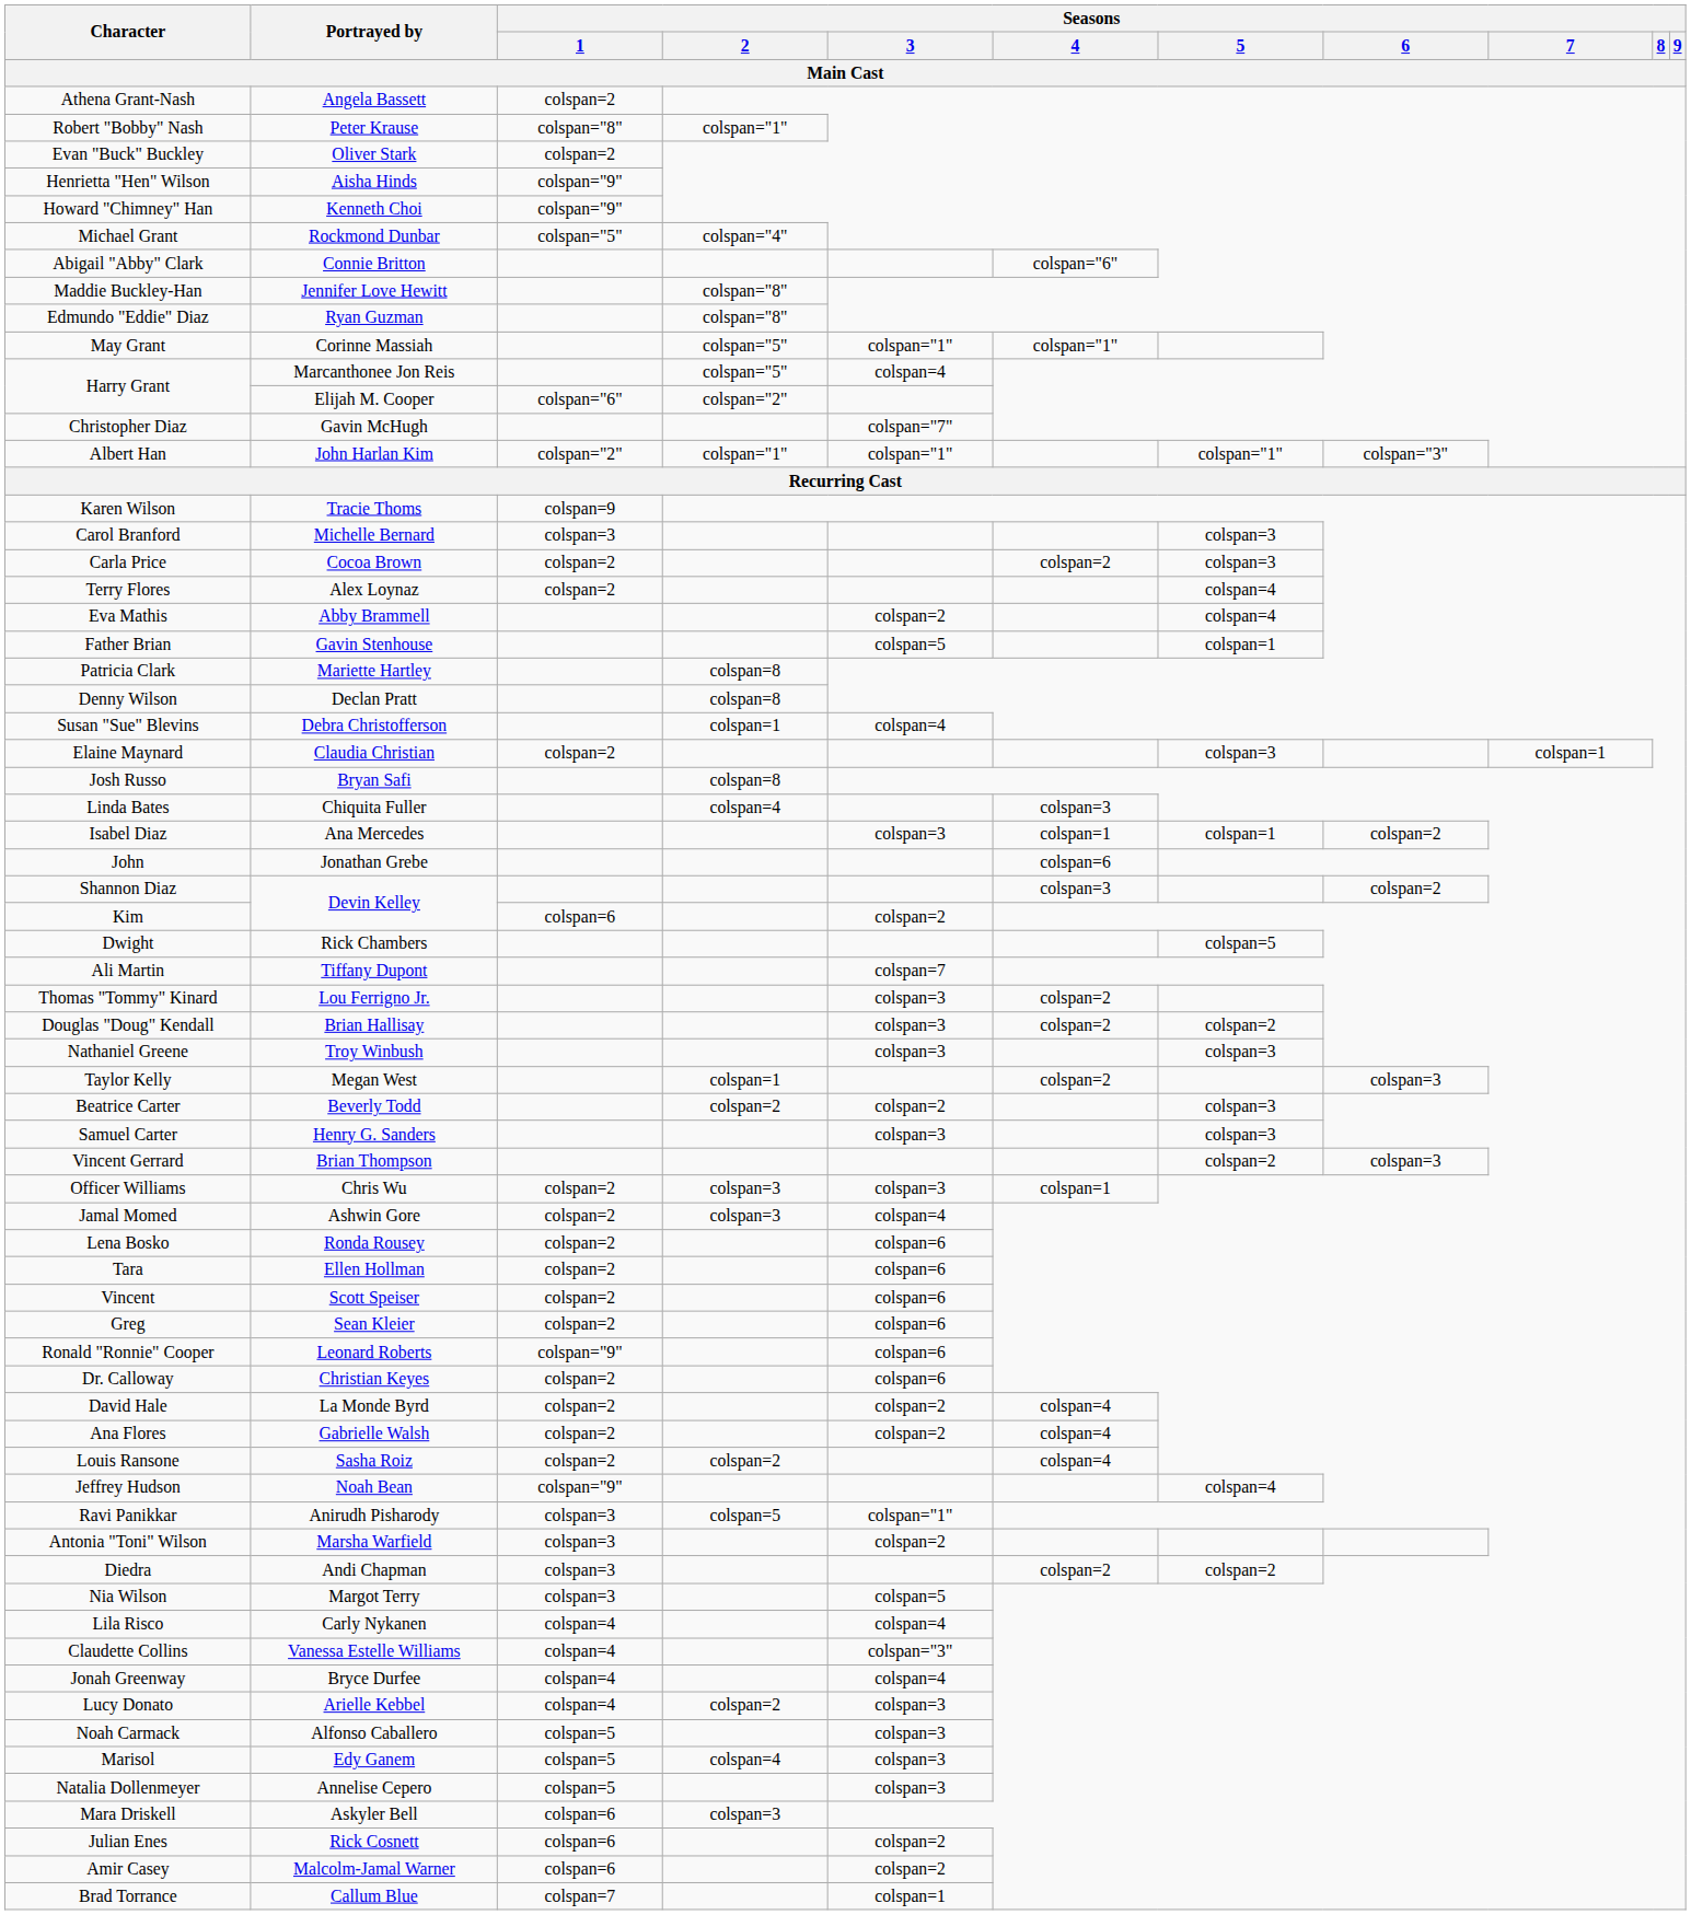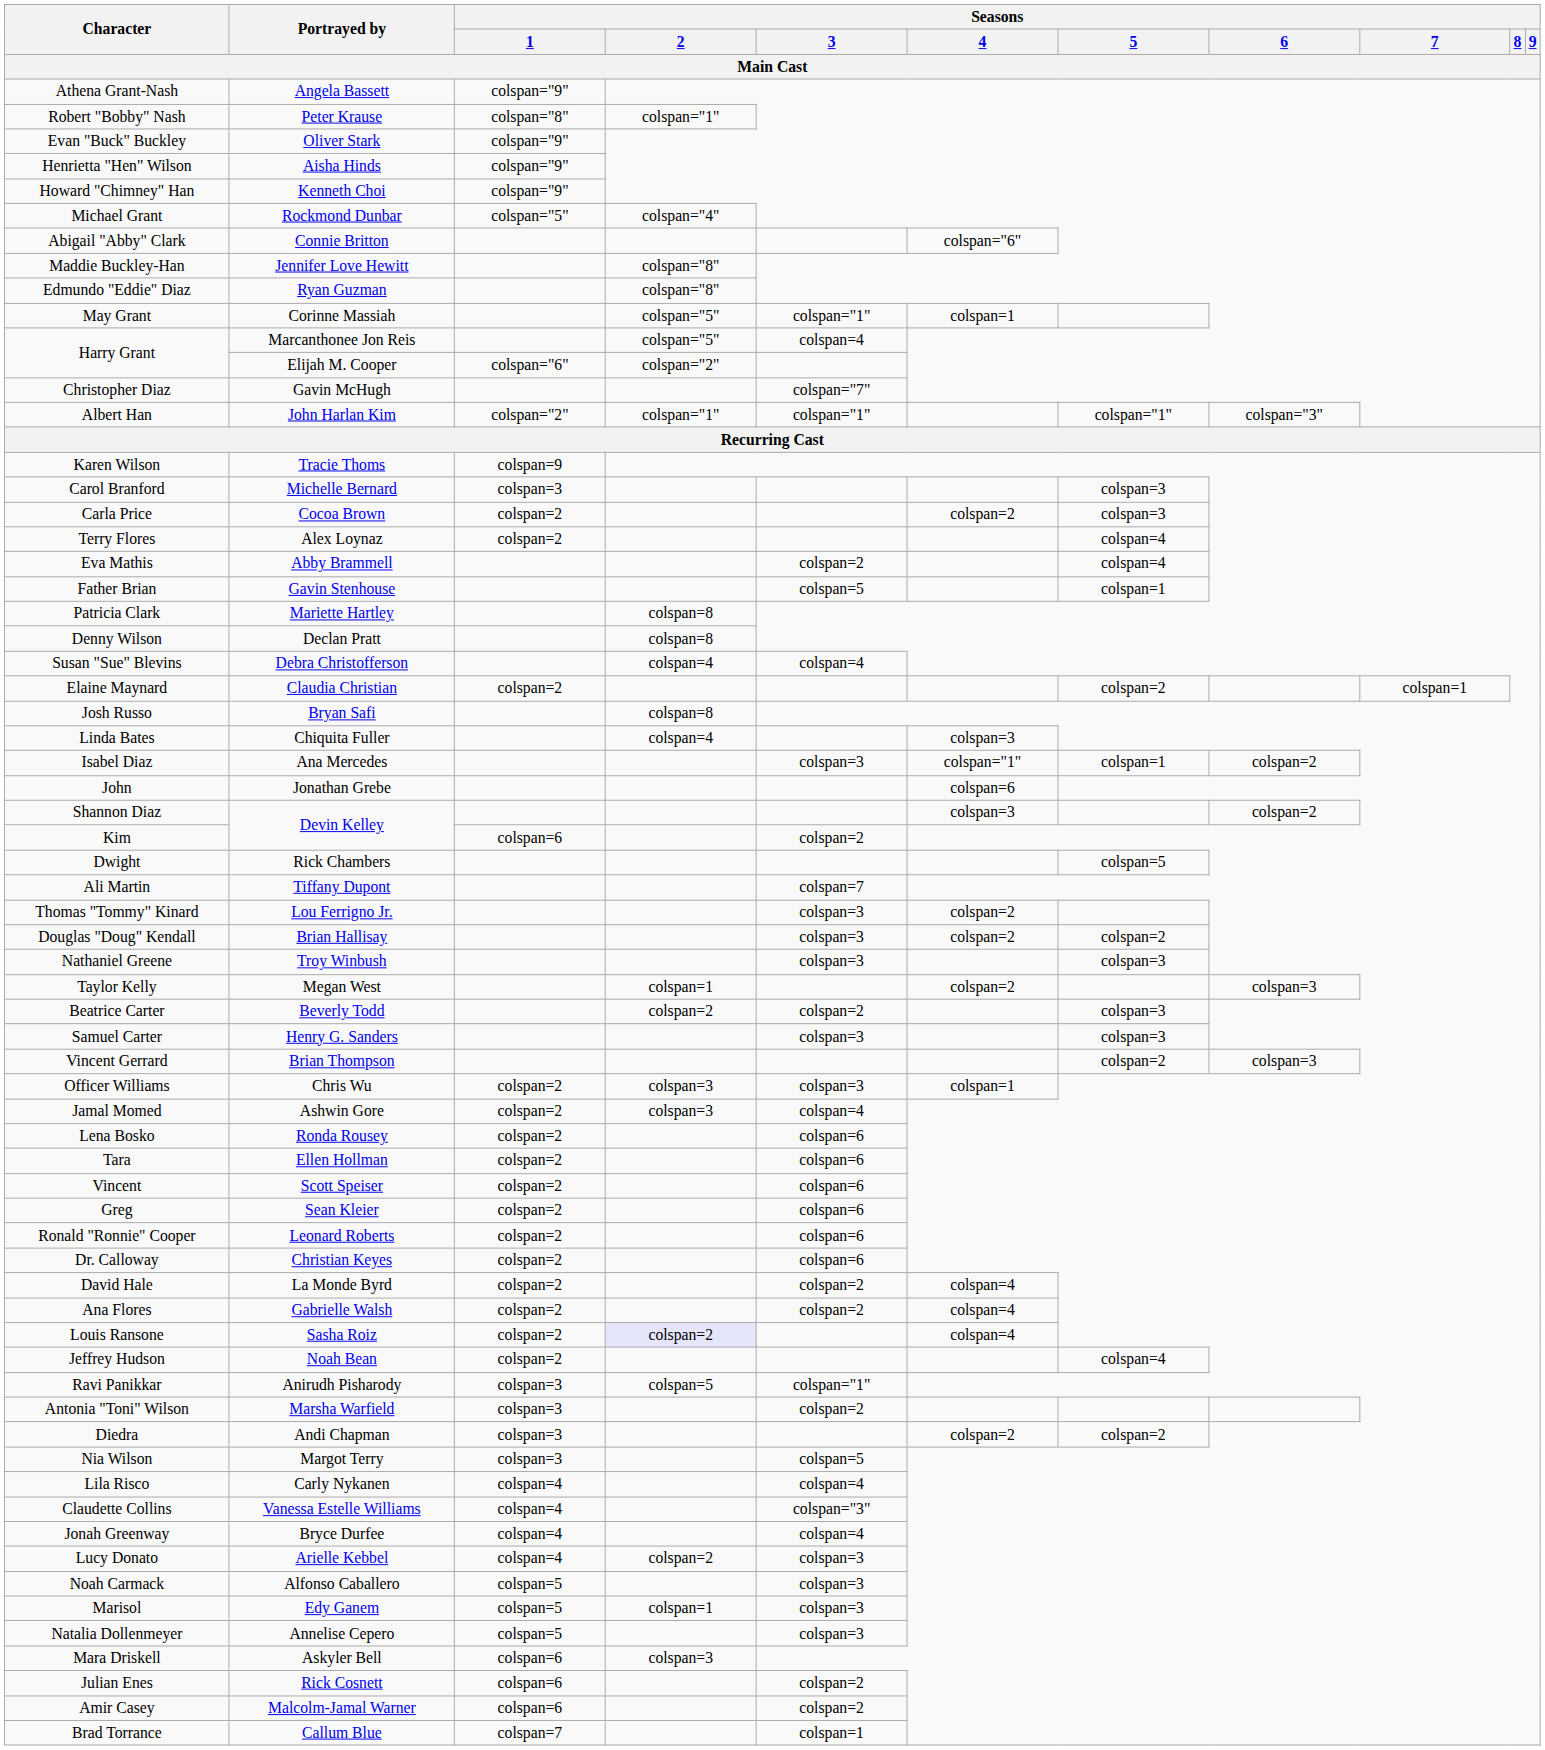 <table class="wikitable plainrowheaders" style="text-align:center">
 <tr>
 <th scope="col" rowspan="2" style="width:15%;">Character</th>
 <th scope="col" rowspan="2" style="width:15%;">Portrayed by</th>
 <th scope="col" colspan="9">Seasons</th>
 </tr>
 <tr>
 <th scope="col" style="width:10%;"><a href='#'>1</a></th>
 <th scope="col" style="width:10%;"><a href='#'>2</a></th>
 <th scope="col" style="width:10%;"><a href='#'>3</a></th>
 <th scope="col" style="width:10%;"><a href='#'>4</a></th>
 <th scope="col" style="width:10%;"><a href='#'>5</a></th>
 <th scope="col" style="width:10%;"><a href='#'>6</a></th>
 <th scope="col" style="width:10%;"><a href='#'>7</a></th>
 <th scope="col" style="width:10%;"><a href='#'>8</a></th>
 <th scope="col" style="width:10%;"><a href='#'>9</a></th>
 </tr>
 <tr>
 <th colspan="11">Main Cast</th>
 </tr>
 <tr>
 <td>Athena Grant-Nash</td>
 <td><a href='#'>Angela Bassett</a></td>
-<td>colspan=2 </td>
+<td>colspan="9" </td>
 </tr>
 <tr>
 <td>Robert "Bobby" Nash</td>
 <td><a href='#'>Peter Krause</a></td>
 <td>colspan="8" </td>
 <td>colspan="1" </td>
 </tr>
 <tr>
 <td>Evan "Buck" Buckley</td>
 <td><a href='#'>Oliver Stark</a></td>
-<td>colspan=2 </td>
+<td>colspan="9" </td>
 </tr>
 <tr>
 <td>Henrietta "Hen" Wilson</td>
 <td><a href='#'>Aisha Hinds</a></td>
 <td>colspan="9" </td>
 </tr>
 <tr>
 <td>Howard "Chimney" Han</td>
 <td><a href='#'>Kenneth Choi</a></td>
 <td>colspan="9" </td>
 </tr>
 <tr>
 <td>Michael Grant</td>
 <td><a href='#'>Rockmond Dunbar</a></td>
 <td>colspan="5" </td>
 <td>colspan="4" </td>
 </tr>
 <tr>
 <td>Abigail "Abby" Clark</td>
 <td><a href='#'>Connie Britton</a></td>
 <td></td>
 <td></td>
 <td></td>
 <td>colspan="6" </td>
 </tr>
 <tr>
 <td>Maddie Buckley-Han</td>
 <td><a href='#'>Jennifer Love Hewitt</a></td>
 <td></td>
 <td>colspan="8" </td>
 </tr>
 <tr>
 <td>Edmundo "Eddie" Diaz</td>
 <td><a href='#'>Ryan Guzman</a></td>
 <td></td>
 <td>colspan="8" </td>
 </tr>
 <tr>
 <td>May Grant</td>
 <td>Corinne Massiah</td>
 <td></td>
 <td>colspan="5" </td>
 <td>colspan="1" </td>
-<td>colspan="1" </td>
+<td>colspan=1 </td>
 <td></td>
 </tr>
 <tr>
 <td rowspan="2">Harry Grant</td>
 <td>Marcanthonee Jon Reis</td>
 <td></td>
 <td>colspan="5" </td>
 <td>colspan=4 </td>
 </tr>
 <tr>
 <td>Elijah M. Cooper</td>
 <td>colspan="6" </td>
 <td>colspan="2" </td>
 <td></td>
 </tr>
 <tr>
 <td>Christopher Diaz</td>
 <td>Gavin McHugh</td>
 <td></td>
 <td></td>
 <td>colspan="7" </td>
 </tr>
 <tr>
 <td>Albert Han</td>
 <td><a href='#'>John Harlan Kim</a></td>
 <td>colspan="2" </td>
 <td>colspan="1" </td>
 <td>colspan="1" </td>
 <td></td>
 <td>colspan="1" </td>
 <td>colspan="3" </td>
 </tr>
 <tr>
 <th colspan="11">Recurring Cast</th>
 </tr>
 <tr>
 <td>Karen Wilson</td>
 <td><a href='#'>Tracie Thoms</a></td>
 <td>colspan=9 </td>
 </tr>
 <tr>
 <td>Carol Branford</td>
 <td><a href='#'>Michelle Bernard</a></td>
 <td>colspan=3 </td>
 <td></td>
 <td></td>
 <td></td>
 <td>colspan=3 </td>
 </tr>
 <tr>
 <td>Carla Price</td>
 <td><a href='#'>Cocoa Brown</a></td>
 <td>colspan=2 </td>
 <td></td>
 <td></td>
 <td>colspan=2 </td>
 <td>colspan=3 </td>
 </tr>
 <tr>
 <td>Terry Flores</td>
 <td>Alex Loynaz</td>
 <td>colspan=2 </td>
 <td></td>
 <td></td>
 <td></td>
 <td>colspan=4 </td>
 </tr>
 <tr>
 <td>Eva Mathis</td>
 <td><a href='#'>Abby Brammell</a></td>
 <td></td>
 <td></td>
 <td>colspan=2 </td>
 <td></td>
 <td>colspan=4 </td>
 </tr>
 <tr>
 <td>Father Brian</td>
 <td><a href='#'>Gavin Stenhouse</a></td>
 <td></td>
 <td></td>
 <td>colspan=5 </td>
 <td></td>
 <td>colspan=1 </td>
 </tr>
 <tr>
 <td>Patricia Clark</td>
 <td><a href='#'>Mariette Hartley</a></td>
 <td></td>
 <td>colspan=8 </td>
 </tr>
 <tr>
 <td>Denny Wilson</td>
 <td>Declan Pratt</td>
 <td></td>
 <td>colspan=8 </td>
 </tr>
 <tr>
 <td>Susan "Sue" Blevins</td>
 <td><a href='#'>Debra Christofferson</a></td>
 <td></td>
-<td>colspan=1 </td>
+<td>colspan=4 </td>
 <td>colspan=4 </td>
 </tr>
 <tr>
 <td>Elaine Maynard</td>
 <td><a href='#'>Claudia Christian</a></td>
 <td>colspan=2 </td>
 <td></td>
 <td></td>
 <td></td>
-<td>colspan=3 </td>
+<td>colspan=2 </td>
 <td></td>
 <td>colspan=1 </td>
 </tr>
 <tr>
 <td>Josh Russo</td>
 <td><a href='#'>Bryan Safi</a></td>
 <td></td>
 <td>colspan=8 </td>
 </tr>
 <tr>
 <td>Linda Bates</td>
 <td>Chiquita Fuller</td>
 <td></td>
 <td>colspan=4 </td>
 <td></td>
 <td>colspan=3 </td>
 </tr>
 <tr>
 <td>Isabel Diaz</td>
 <td>Ana Mercedes</td>
 <td></td>
 <td></td>
 <td>colspan=3 </td>
-<td>colspan=1 </td>
+<td>colspan="1" </td>
 <td>colspan=1 </td>
 <td>colspan=2 </td>
 </tr>
 <tr>
 <td>John</td>
 <td>Jonathan Grebe</td>
 <td></td>
 <td></td>
 <td></td>
 <td>colspan=6 </td>
 </tr>
 <tr>
 <td>Shannon Diaz</td>
 <td rowspan=2><a href='#'>Devin Kelley</a></td>
 <td></td>
 <td></td>
 <td></td>
 <td>colspan=3 </td>
 <td></td>
 <td>colspan=2 </td>
 </tr>
 <tr>
 <td>Kim</td>
 <td>colspan=6 </td>
 <td></td>
 <td>colspan=2 </td>
 </tr>
 <tr>
 <td>Dwight</td>
 <td>Rick Chambers</td>
 <td></td>
 <td></td>
 <td></td>
 <td></td>
 <td>colspan=5 </td>
 </tr>
 <tr>
 <td>Ali Martin</td>
 <td><a href='#'>Tiffany Dupont</a></td>
 <td></td>
 <td></td>
 <td>colspan=7 </td>
 </tr>
 <tr>
 <td>Thomas "Tommy" Kinard</td>
 <td><a href='#'>Lou Ferrigno Jr.</a></td>
 <td></td>
 <td></td>
 <td>colspan=3 </td>
 <td>colspan=2 </td>
 <td></td>
 </tr>
 <tr>
 <td>Douglas "Doug" Kendall</td>
 <td><a href='#'>Brian Hallisay</a></td>
 <td></td>
 <td></td>
 <td>colspan=3 </td>
 <td>colspan=2 </td>
 <td>colspan=2 </td>
 </tr>
 <tr>
 <td>Nathaniel Greene</td>
 <td><a href='#'>Troy Winbush</a></td>
 <td></td>
 <td></td>
 <td>colspan=3 </td>
 <td></td>
 <td>colspan=3 </td>
 </tr>
 <tr>
 <td>Taylor Kelly</td>
 <td>Megan West</td>
 <td></td>
 <td>colspan=1 </td>
 <td></td>
 <td>colspan=2 </td>
 <td></td>
 <td>colspan=3 </td>
 </tr>
 <tr>
 <td>Beatrice Carter</td>
 <td><a href='#'>Beverly Todd</a></td>
 <td></td>
 <td>colspan=2 </td>
 <td>colspan=2 </td>
 <td></td>
 <td>colspan=3 </td>
 </tr>
 <tr>
 <td>Samuel Carter</td>
 <td><a href='#'>Henry G. Sanders</a></td>
 <td></td>
 <td></td>
 <td>colspan=3 </td>
 <td></td>
 <td>colspan=3 </td>
 </tr>
 <tr>
 <td>Vincent Gerrard</td>
 <td><a href='#'>Brian Thompson</a></td>
 <td></td>
 <td></td>
 <td></td>
 <td></td>
 <td>colspan=2 </td>
 <td>colspan=3 </td>
 </tr>
 <tr>
 <td>Officer Williams</td>
 <td>Chris Wu</td>
 <td>colspan=2 </td>
 <td>colspan=3 </td>
 <td>colspan=3 </td>
 <td>colspan=1 </td>
 </tr>
 <tr>
 <td>Jamal Momed</td>
 <td>Ashwin Gore</td>
 <td>colspan=2 </td>
 <td>colspan=3 </td>
 <td>colspan=4 </td>
 </tr>
 <tr>
 <td>Lena Bosko</td>
 <td><a href='#'>Ronda Rousey</a></td>
 <td>colspan=2 </td>
 <td></td>
 <td>colspan=6 </td>
 </tr>
 <tr>
 <td>Tara</td>
 <td><a href='#'>Ellen Hollman</a></td>
 <td>colspan=2 </td>
 <td></td>
 <td>colspan=6 </td>
 </tr>
 <tr>
 <td>Vincent</td>
 <td><a href='#'>Scott Speiser</a></td>
 <td>colspan=2 </td>
 <td></td>
 <td>colspan=6 </td>
 </tr>
 <tr>
 <td>Greg</td>
 <td><a href='#'>Sean Kleier</a></td>
 <td>colspan=2 </td>
 <td></td>
 <td>colspan=6 </td>
 </tr>
 <tr>
 <td>Ronald "Ronnie" Cooper</td>
 <td><a href='#'>Leonard Roberts</a></td>
-<td>colspan="9" </td>
+<td>colspan=2 </td>
 <td></td>
 <td>colspan=6 </td>
 </tr>
 <tr>
 <td>Dr. Calloway</td>
 <td><a href='#'>Christian Keyes</a></td>
 <td>colspan=2 </td>
 <td></td>
 <td>colspan=6 </td>
 </tr>
 <tr>
 <td>David Hale</td>
 <td>La Monde Byrd</td>
 <td>colspan=2 </td>
 <td></td>
 <td>colspan=2 </td>
 <td>colspan=4 </td>
 </tr>
 <tr>
 <td>Ana Flores</td>
 <td><a href='#'>Gabrielle Walsh</a></td>
 <td>colspan=2 </td>
 <td></td>
 <td>colspan=2 </td>
 <td>colspan=4 </td>
 </tr>
 <tr>
 <td>Louis Ransone</td>
 <td><a href='#'>Sasha Roiz</a></td>
 <td>colspan=2 </td>
-<td>colspan=2 </td>
+<td style="background: lavender;">colspan=2 </td>
 <td></td>
 <td>colspan=4 </td>
 </tr>
 <tr>
 <td>Jeffrey Hudson</td>
 <td><a href='#'>Noah Bean</a></td>
-<td>colspan="9" </td>
+<td>colspan=2 </td>
 <td></td>
 <td></td>
 <td></td>
 <td>colspan=4 </td>
 </tr>
 <tr>
 <td>Ravi Panikkar</td>
 <td>Anirudh Pisharody</td>
 <td>colspan=3 </td>
 <td>colspan=5 </td>
 <td>colspan="1" </td>
 </tr>
 <tr>
 <td>Antonia "Toni" Wilson</td>
 <td><a href='#'>Marsha Warfield</a></td>
 <td>colspan=3 </td>
 <td></td>
 <td>colspan=2 </td>
 <td></td>
 <td></td>
 <td></td>
 </tr>
 <tr>
 <td>Diedra</td>
 <td>Andi Chapman</td>
 <td>colspan=3 </td>
 <td></td>
 <td></td>
 <td>colspan=2 </td>
 <td>colspan=2 </td>
 </tr>
 <tr>
 <td>Nia Wilson</td>
 <td>Margot Terry</td>
 <td>colspan=3 </td>
 <td></td>
 <td>colspan=5 </td>
 </tr>
 <tr>
 <td>Lila Risco</td>
 <td>Carly Nykanen</td>
 <td>colspan=4 </td>
 <td></td>
 <td>colspan=4 </td>
 </tr>
 <tr>
 <td>Claudette Collins</td>
 <td><a href='#'>Vanessa Estelle Williams</a></td>
 <td>colspan=4 </td>
 <td></td>
 <td>colspan="3" </td>
 </tr>
 <tr>
 <td>Jonah Greenway</td>
 <td>Bryce Durfee</td>
 <td>colspan=4 </td>
 <td></td>
 <td>colspan=4 </td>
 </tr>
 <tr>
 <td>Lucy Donato</td>
 <td><a href='#'>Arielle Kebbel</a></td>
 <td>colspan=4 </td>
 <td>colspan=2 </td>
 <td>colspan=3 </td>
 </tr>
 <tr>
 <td>Noah Carmack</td>
 <td>Alfonso Caballero</td>
 <td>colspan=5 </td>
 <td></td>
 <td>colspan=3 </td>
 </tr>
 <tr>
 <td>Marisol</td>
 <td><a href='#'>Edy Ganem</a></td>
 <td>colspan=5 </td>
-<td>colspan=4 </td>
+<td>colspan=1 </td>
 <td>colspan=3 </td>
 </tr>
 <tr>
 <td>Natalia Dollenmeyer</td>
 <td>Annelise Cepero</td>
 <td>colspan=5 </td>
 <td></td>
 <td>colspan=3 </td>
 </tr>
 <tr>
 <td>Mara Driskell</td>
 <td>Askyler Bell</td>
 <td>colspan=6 </td>
 <td>colspan=3 </td>
 </tr>
 <tr>
 <td>Julian Enes</td>
 <td><a href='#'>Rick Cosnett</a></td>
 <td>colspan=6 </td>
 <td></td>
 <td>colspan=2 </td>
 </tr>
 <tr>
 <td>Amir Casey</td>
 <td><a href='#'>Malcolm-Jamal Warner</a></td>
 <td>colspan=6 </td>
 <td></td>
 <td>colspan=2 </td>
 </tr>
 <tr>
 <td>Brad Torrance</td>
 <td><a href='#'>Callum Blue</a></td>
 <td>colspan=7 </td>
 <td></td>
 <td>colspan=1 </td>
 </tr>
 </table>
